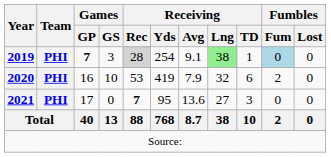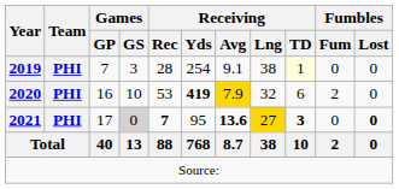 <table class="wikitable" style="text-align: center;">
 <tr>
 <th rowspan="2">Year</th>
 <th rowspan="2">Team</th>
 <th colspan="2">Games</th>
 <th colspan="5">Receiving</th>
 <th colspan="2">Fumbles</th>
 </tr>
 <tr>
 <th>GP</th>
 <th>GS</th>
 <th>Rec</th>
 <th>Yds</th>
 <th>Avg</th>
 <th>Lng</th>
 <th>TD</th>
 <th>Fum</th>
 <th>Lost</th>
 </tr>
 <tr>
 <th><a href='#'>2019</a></th>
 <th><a href='#'>PHI</a></th>
-<td><strong>7</strong></td>
+<td>7</td>
 <td>3</td>
-<td style="background: lightgrey;">28</td>
+<td>28</td>
 <td>254</td>
 <td>9.1</td>
-<td style="background: lightgreen;">38</td>
-<td>1</td>
-<td style="background: lightblue;">0</td>
+<td>38</td>
+<td style="background: lightyellow;">1</td>
+<td>0</td>
 <td>0</td>
 </tr>
 <tr>
 <th><a href='#'>2020</a></th>
 <th><a href='#'>PHI</a></th>
 <td>16</td>
 <td>10</td>
 <td>53</td>
-<td>419</td>
-<td>7.9</td>
+<td><strong>419</strong></td>
+<td style="background: gold;">7.9</td>
 <td>32</td>
 <td>6</td>
 <td>2</td>
 <td>0</td>
 </tr>
 <tr>
 <th><a href='#'>2021</a></th>
 <th><a href='#'>PHI</a></th>
 <td>17</td>
-<td>0</td>
+<td style="background: lightgrey;">0</td>
 <td><strong>7</strong></td>
 <td>95</td>
-<td>13.6</td>
-<td>27</td>
-<td>3</td>
+<td><strong>13.6</strong></td>
+<td style="background: gold;">27</td>
+<td><strong>3</strong></td>
 <td>0</td>
-<td>0</td>
+<td><strong>0</strong></td>
 </tr>
 <tr>
 <th colspan="2">Total</th>
 <th>40</th>
 <th>13</th>
 <th>88</th>
 <th>768</th>
 <th>8.7</th>
 <th>38</th>
 <th>10</th>
 <th>2</th>
 <th>0</th>
 </tr>
 <tr>
 <td colspan="11"><small>Source: </small></td>
 </tr>
 </table>
